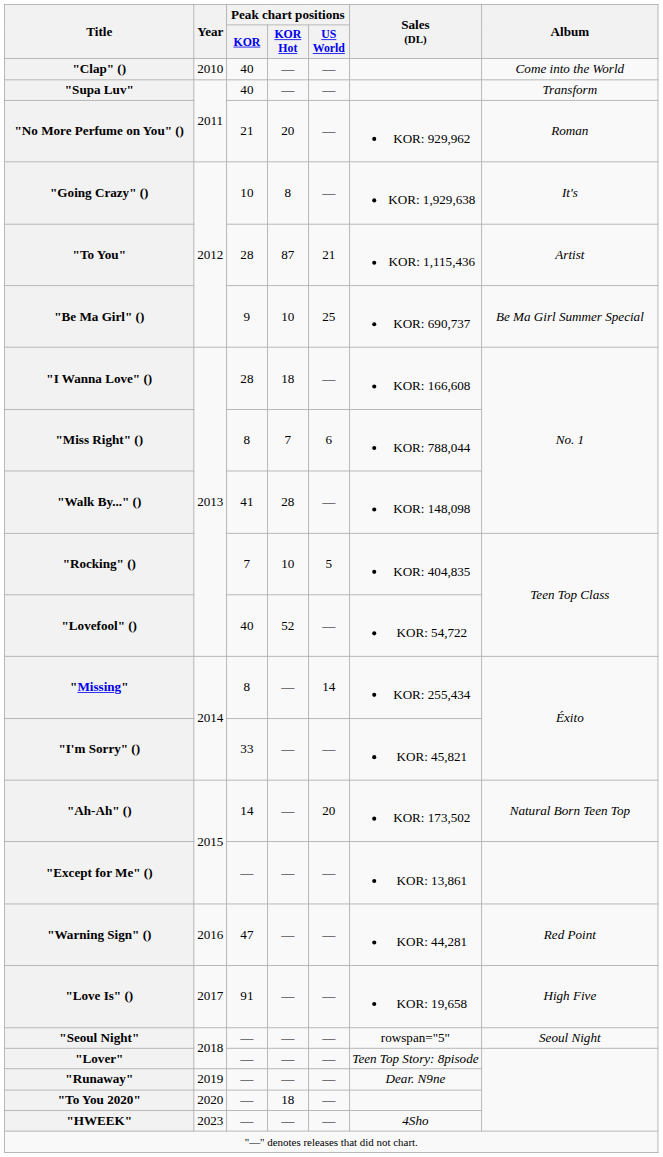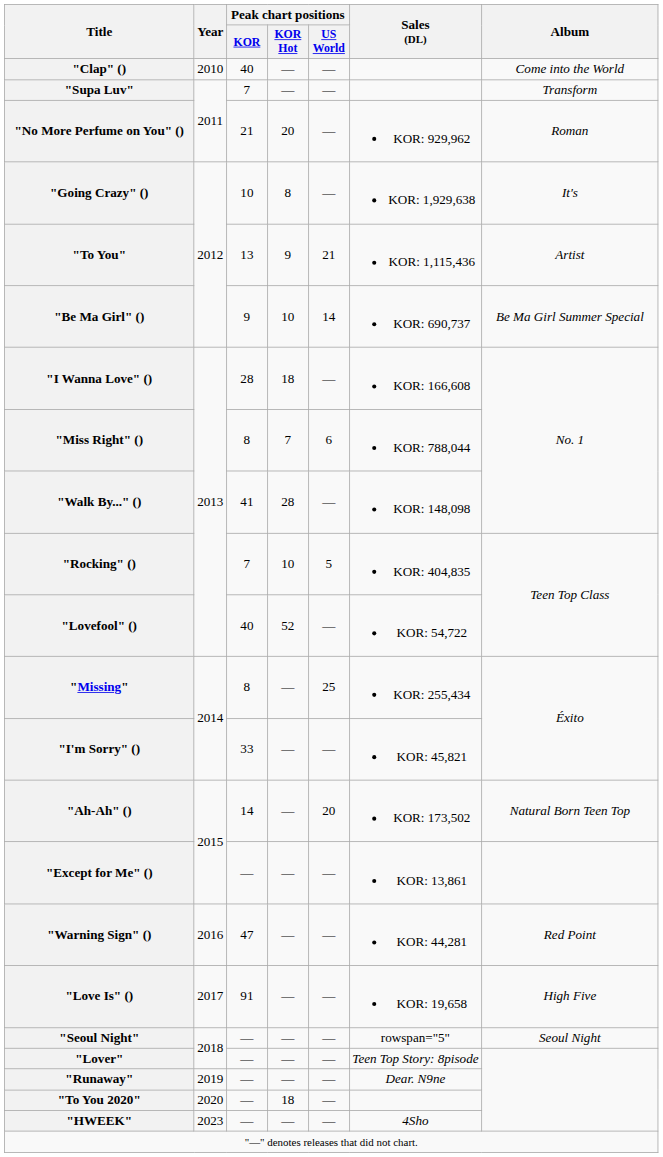 <table class="wikitable plainrowheaders" style="text-align:center;">
 <tr>
 <th scope="col" rowspan="2" style="width:14em;">Title</th>
 <th scope="col" rowspan="2">Year</th>
 <th scope="col" colspan="3">Peak chart positions</th>
 <th scope="col" rowspan="2">Sales<br><small>(DL)</small></th>
 <th scope="col" rowspan="2" style="width:13em;">Album</th>
 </tr>
 <tr>
 <th scope="col" style="width:3em;font-size:90%;"><a href='#'>KOR</a><br></th>
 <th scope="col" style="width:3em;font-size:90%;"><a href='#'>KOR<br>Hot</a><br></th>
 <th scope="col" style="width:3em;font-size:90%;"><a href='#'>US<br>World</a><br></th>
 </tr>
 <tr>
 <th scope="row">"Clap" ()</th>
 <td>2010</td>
 <td>40</td>
 <td>—</td>
 <td>—</td>
 <td></td>
 <td><em>Come into the World</em></td>
 </tr>
 <tr>
 <th scope="row">"Supa Luv"</th>
 <td rowspan="2">2011</td>
-<td>40</td>
+<td>7</td>
 <td>—</td>
 <td>—</td>
 <td></td>
 <td><em>Transform</em></td>
 </tr>
 <tr>
 <th scope="row">"No More Perfume on You" ()</th>
 <td>21</td>
 <td>20</td>
 <td>—</td>
 <td><br><ul><li>KOR: 929,962</li></ul></td>
 <td><em>Roman</em></td>
 </tr>
 <tr>
 <th scope="row">"Going Crazy" ()</th>
 <td rowspan="3">2012</td>
 <td>10</td>
 <td>8</td>
 <td>—</td>
 <td><br><ul><li>KOR: 1,929,638</li></ul></td>
 <td><em>It's</em></td>
 </tr>
 <tr>
 <th scope="row">"To You"</th>
-<td>28</td>
-<td>87</td>
+<td>13</td>
+<td>9</td>
 <td>21</td>
 <td><br><ul><li>KOR: 1,115,436</li></ul></td>
 <td><em>Artist</em></td>
 </tr>
 <tr>
 <th scope="row">"Be Ma Girl" ()</th>
 <td>9</td>
 <td>10</td>
-<td>25</td>
+<td>14</td>
 <td><br><ul><li>KOR: 690,737</li></ul></td>
 <td><em>Be Ma Girl Summer Special</em></td>
 </tr>
 <tr>
 <th scope="row">"I Wanna Love" ()</th>
 <td rowspan="5">2013</td>
 <td>28</td>
 <td>18</td>
 <td>—</td>
 <td><br><ul><li>KOR: 166,608</li></ul></td>
 <td rowspan="3"><em>No. 1</em></td>
 </tr>
 <tr>
 <th scope="row">"Miss Right" ()</th>
 <td>8</td>
 <td>7</td>
 <td>6</td>
 <td><br><ul><li>KOR: 788,044</li></ul></td>
 </tr>
 <tr>
 <th scope="row">"Walk By..." ()</th>
 <td>41</td>
 <td>28</td>
 <td>—</td>
 <td><br><ul><li>KOR: 148,098</li></ul></td>
 </tr>
 <tr>
 <th scope="row">"Rocking" ()</th>
 <td>7</td>
 <td>10</td>
 <td>5</td>
 <td><br><ul><li>KOR: 404,835</li></ul></td>
 <td rowspan="2"><em>Teen Top Class</em></td>
 </tr>
 <tr>
 <th scope="row">"Lovefool" ()</th>
 <td>40</td>
 <td>52</td>
 <td>—</td>
 <td><br><ul><li>KOR: 54,722</li></ul></td>
 </tr>
 <tr>
 <th scope="row">"<a href='#'>Missing</a>"</th>
 <td rowspan="2">2014</td>
 <td>8</td>
 <td>—</td>
-<td>14</td>
+<td>25</td>
 <td><br><ul><li>KOR: 255,434</li></ul></td>
 <td rowspan="2"><em>Éxito</em></td>
 </tr>
 <tr>
 <th scope="row">"I'm Sorry" ()</th>
 <td>33</td>
 <td>—</td>
 <td>—</td>
 <td><br><ul><li>KOR: 45,821</li></ul></td>
 </tr>
 <tr>
 <th scope="row">"Ah-Ah" ()</th>
 <td rowspan="2">2015</td>
 <td>14</td>
 <td>—</td>
 <td>20</td>
 <td><br><ul><li>KOR: 173,502</li></ul></td>
 <td><em>Natural Born Teen Top</em></td>
 </tr>
 <tr>
 <th scope="row">"Except for Me" ()</th>
 <td>—</td>
 <td>—</td>
 <td>—</td>
 <td><br><ul><li>KOR: 13,861</li></ul></td>
 <td></td>
 </tr>
 <tr>
 <th scope="row">"Warning Sign" ()</th>
 <td>2016</td>
 <td>47</td>
 <td>—</td>
 <td>—</td>
 <td><br><ul><li>KOR: 44,281</li></ul></td>
 <td><em>Red Point</em></td>
 </tr>
 <tr>
 <th scope="row">"Love Is" ()</th>
 <td>2017</td>
 <td>91</td>
 <td>—</td>
 <td>—</td>
 <td><br><ul><li>KOR: 19,658</li></ul></td>
 <td><em>High Five</em></td>
 </tr>
 <tr>
 <th scope="row">"Seoul Night"</th>
 <td rowspan="2">2018</td>
 <td>—</td>
 <td>—</td>
 <td>—</td>
 <td>rowspan="5" </td>
 <td><em>Seoul Night</em></td>
 </tr>
 <tr>
 <th scope="row">"Lover"</th>
 <td>—</td>
 <td>—</td>
 <td>—</td>
 <td><em>Teen Top Story: 8pisode</em></td>
 </tr>
 <tr>
 <th scope="row">"Runaway"</th>
 <td>2019</td>
 <td>—</td>
 <td>—</td>
 <td>—</td>
 <td><em>Dear. N9ne</em></td>
 </tr>
 <tr>
 <th scope="row">"To You 2020"</th>
 <td>2020</td>
 <td>—</td>
 <td>18</td>
 <td>—</td>
 <td></td>
 </tr>
 <tr>
 <th scope="row">"HWEEK"</th>
 <td>2023</td>
 <td>—</td>
 <td>—</td>
 <td>—</td>
 <td><em>4Sho</em></td>
 </tr>
 <tr>
 <td colspan="7"><small>"—" denotes releases that did not chart.</small></td>
 </tr>
 </table>
